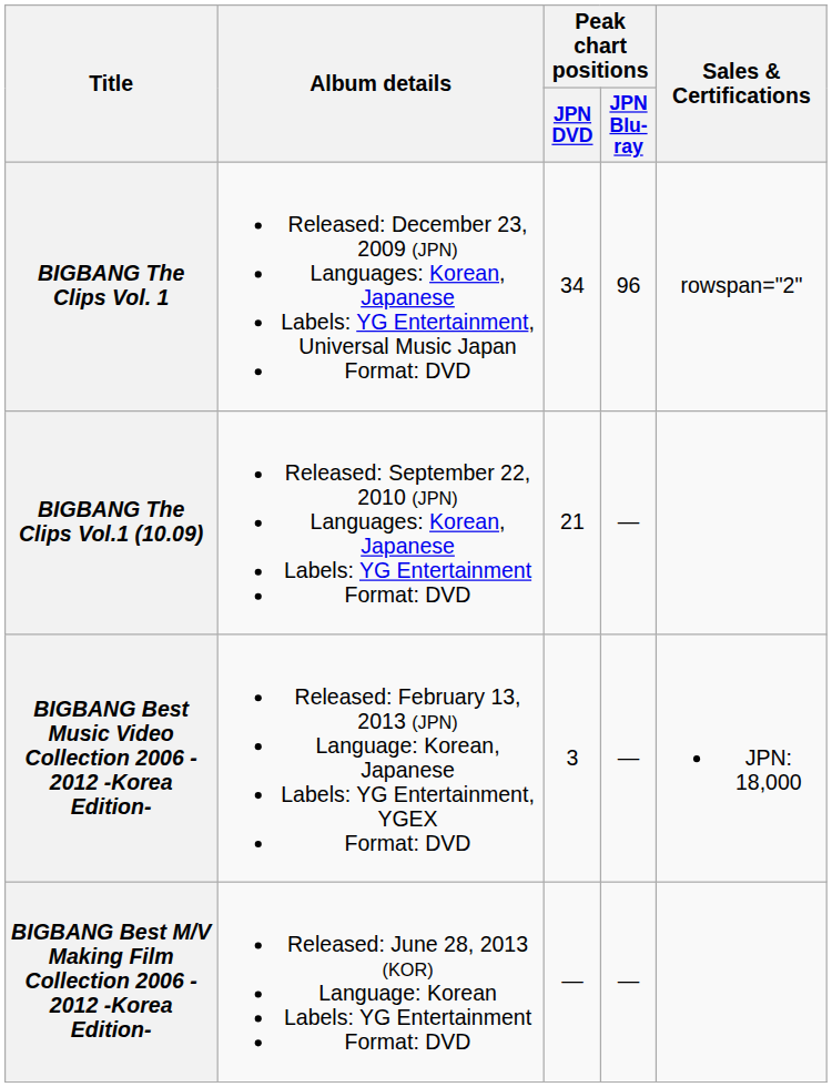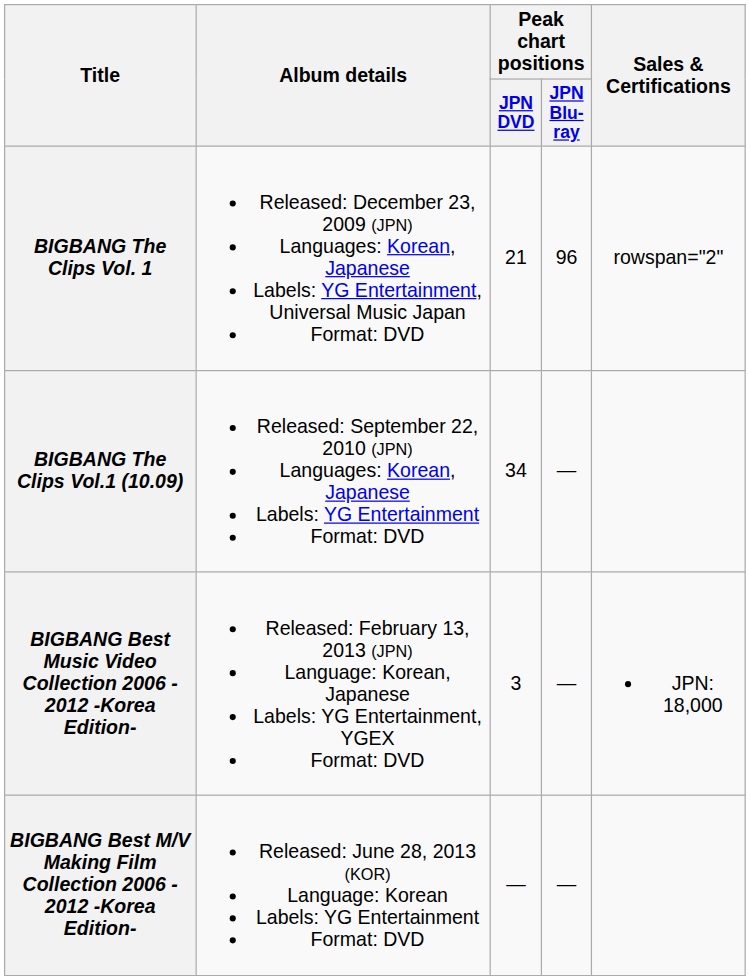 <table class="wikitable plainrowheaders" style="text-align:center;">
 <tr>
 <th scope="col" rowspan="2" style="width:12em;">Title</th>
 <th scope="col" rowspan="2" style="width:18em;">Album details</th>
 <th scope="col" colspan="2">Peak chart positions</th>
 <th scope="col" rowspan="2" style="width:8em;">Sales & Certifications</th>
 </tr>
 <tr>
 <th scope="col" style="width:2.5em;font-size:90%;"><a href='#'>JPN<br>DVD</a><br></th>
 <th scope="col" style="width:2.5em;font-size:90%;"><a href='#'>JPN<br>Blu-ray</a><br></th>
 </tr>
 <tr>
 <th scope="row"><em>BIGBANG The Clips Vol. 1</em></th>
 <td><br><ul><li>Released: December 23, 2009 <small>(JPN)</small></li><li>Languages: <a href='#'>Korean</a>, <a href='#'>Japanese</a></li><li>Labels: <a href='#'>YG Entertainment</a>, Universal Music Japan</li><li>Format: DVD</li></ul></td>
-<td>34</td>
+<td>21</td>
 <td>96</td>
 <td>rowspan="2" </td>
 </tr>
 <tr>
 <th scope="row"><em>BIGBANG The Clips Vol.1 (10.09)</em></th>
 <td><br><ul><li>Released: September 22, 2010 <small>(JPN)</small></li><li>Languages: <a href='#'>Korean</a>, <a href='#'>Japanese</a></li><li>Labels: <a href='#'>YG Entertainment</a></li><li>Format: DVD</li></ul></td>
-<td>21</td>
+<td>34</td>
 <td>—</td>
 </tr>
 <tr>
 <th scope="row"><em>BIGBANG Best Music Video Collection 2006 - 2012 -Korea Edition-</em></th>
 <td><br><ul><li>Released: February 13, 2013 <small>(JPN)</small></li><li>Language: Korean, Japanese</li><li>Labels: YG Entertainment, YGEX</li><li>Format: DVD</li></ul></td>
 <td>3</td>
 <td>—</td>
 <td><br><ul><li>JPN: 18,000</li></ul></td>
 </tr>
 <tr>
 <th scope="row"><em>BIGBANG Best M/V Making Film Collection 2006 - 2012 -Korea Edition-</em></th>
 <td><br><ul><li>Released: June 28, 2013 <small>(KOR)</small></li><li>Language: Korean</li><li>Labels: YG Entertainment</li><li>Format: DVD</li></ul></td>
 <td>—</td>
 <td>—</td>
 <td></td>
 </tr>
 <tr>
 </tr>
 </table>
